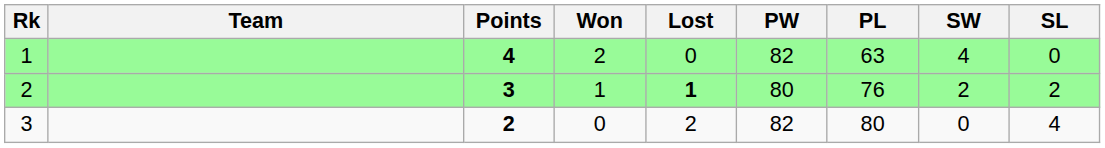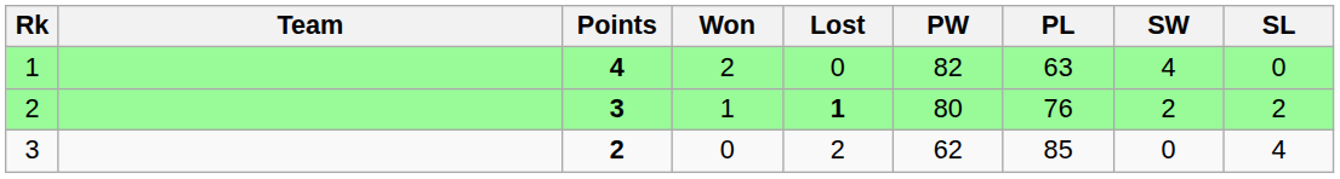 <table class=wikitable style=text-align:center>
 <tr>
 <th width=25>Rk</th>
 <th width=300>Team</th>
 <th width=60>Points</th>
 <th width=60>Won</th>
 <th width=60>Lost</th>
 <th width=60>PW</th>
 <th width=60>PL</th>
 <th width=60>SW</th>
 <th width=60>SL</th>
 </tr>
 <tr bgcolor="#98fb98">
 <td>1</td>
 <td align=left></td>
 <td><strong>4</strong></td>
 <td>2</td>
 <td>0</td>
 <td>82</td>
 <td>63</td>
 <td>4</td>
 <td>0</td>
 </tr>
 <tr bgcolor="#98fb98">
 <td>2</td>
 <td align=left></td>
 <td><strong>3</strong></td>
 <td>1</td>
 <td><strong>1</strong></td>
 <td>80</td>
 <td>76</td>
 <td>2</td>
 <td>2</td>
 </tr>
 <tr>
 <td>3</td>
 <td align=left></td>
 <td><strong>2</strong></td>
 <td>0</td>
 <td>2</td>
-<td>82</td>
-<td>80</td>
+<td>62</td>
+<td>85</td>
 <td>0</td>
 <td>4</td>
 </tr>
 </table>
